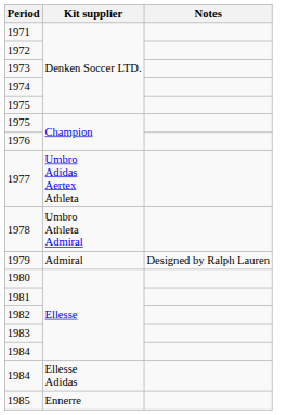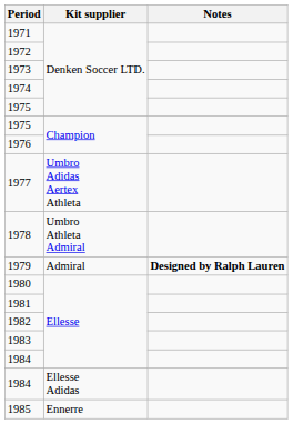 <table class="wikitable" style="text-align:left">
 <tr>
 <th>Period</th>
 <th>Kit supplier</th>
 <th>Notes</th>
 </tr>
 <tr>
 <td>1971</td>
 <td rowspan="5"> Denken Soccer LTD.</td>
 <td></td>
 </tr>
 <tr>
 <td>1972</td>
 <td></td>
 </tr>
 <tr>
 <td>1973</td>
 <td></td>
 </tr>
 <tr>
 <td>1974</td>
 <td></td>
 </tr>
 <tr>
 <td>1975</td>
 <td></td>
 </tr>
 <tr>
 <td>1975</td>
 <td rowspan="2"> <a href='#'>Champion</a></td>
 <td></td>
 </tr>
 <tr>
 <td>1976</td>
 <td></td>
 </tr>
 <tr>
 <td>1977</td>
 <td> <a href='#'>Umbro</a><br> <a href='#'>Adidas</a><br> <a href='#'>Aertex</a><br> Athleta</td>
 <td></td>
 </tr>
 <tr>
 <td>1978</td>
 <td> Umbro<br> Athleta<br> <a href='#'>Admiral</a></td>
 <td></td>
 </tr>
 <tr>
 <td>1979</td>
 <td> Admiral</td>
-<td>Designed by Ralph Lauren</td>
+<td><strong>Designed by Ralph Lauren</strong></td>
 </tr>
 <tr>
 <td>1980</td>
 <td rowspan="5"> <a href='#'>Ellesse</a></td>
 <td></td>
 </tr>
 <tr>
 <td>1981</td>
 <td></td>
 </tr>
 <tr>
 <td>1982</td>
 <td></td>
 </tr>
 <tr>
 <td>1983</td>
 <td></td>
 </tr>
 <tr>
 <td>1984</td>
 <td></td>
 </tr>
 <tr>
 <td>1984</td>
 <td> Ellesse<br> Adidas</td>
 <td></td>
 </tr>
 <tr>
 <td>1985</td>
 <td> Ennerre</td>
 <td></td>
 </tr>
 </table>
